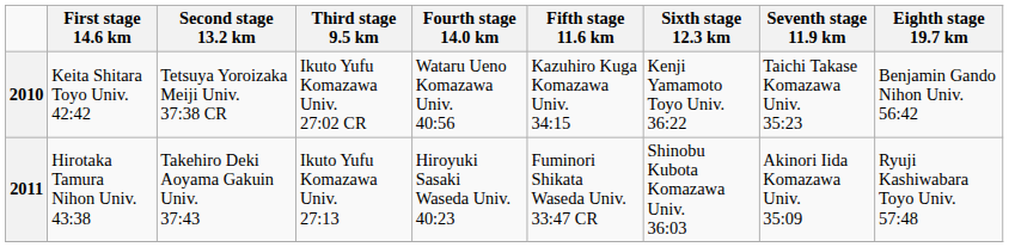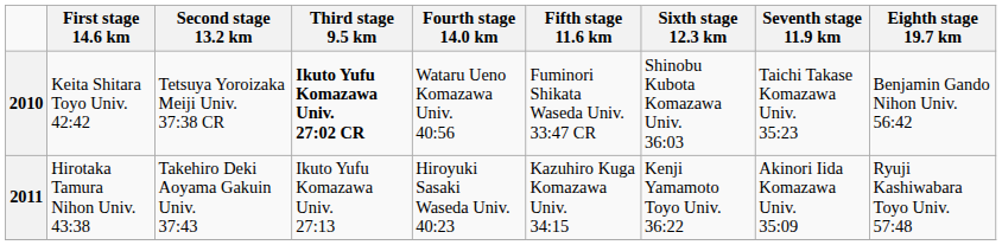 <table class="wikitable" style="text-align:left; width:105%; align:top;">
 <tr>
 <td></td>
 <th scope="col">First stage<br>14.6 km</th>
 <th scope="col">Second stage<br>13.2 km</th>
 <th scope="col">Third stage<br>9.5 km</th>
 <th scope="col">Fourth stage<br>14.0 km</th>
 <th scope="col">Fifth stage<br>11.6 km</th>
 <th scope="col">Sixth stage<br>12.3 km</th>
 <th scope="col">Seventh stage<br>11.9 km</th>
 <th scope="col">Eighth stage<br>19.7 km</th>
 </tr>
 <tr>
 <th scope="row">2010</th>
 <td>Keita Shitara<br>Toyo Univ.<br>42:42</td>
 <td>Tetsuya Yoroizaka<br>Meiji Univ.<br>37:38 CR</td>
-<td>Ikuto Yufu<br>Komazawa Univ.<br>27:02 CR</td>
+<td><strong>Ikuto Yufu<br>Komazawa Univ.<br>27:02 CR</strong></td>
 <td>Wataru Ueno<br>Komazawa Univ.<br>40:56</td>
-<td>Kazuhiro Kuga<br>Komazawa Univ.<br>34:15</td>
-<td>Kenji Yamamoto<br>Toyo Univ.<br>36:22</td>
+<td>Fuminori Shikata<br>Waseda Univ.<br>33:47 CR</td>
+<td>Shinobu Kubota<br>Komazawa Univ.<br>36:03</td>
 <td>Taichi Takase<br>Komazawa Univ.<br>35:23</td>
 <td>Benjamin Gando<br>Nihon Univ.<br>56:42</td>
 </tr>
 <tr>
 <th scope="row">2011</th>
 <td>Hirotaka Tamura<br>Nihon Univ.<br>43:38</td>
 <td>Takehiro Deki<br>Aoyama Gakuin Univ.<br>37:43</td>
 <td>Ikuto Yufu<br>Komazawa Univ.<br>27:13</td>
 <td>Hiroyuki Sasaki<br>Waseda Univ.<br>40:23</td>
-<td>Fuminori Shikata<br>Waseda Univ.<br>33:47 CR</td>
-<td>Shinobu Kubota<br>Komazawa Univ.<br>36:03</td>
+<td>Kazuhiro Kuga<br>Komazawa Univ.<br>34:15</td>
+<td>Kenji Yamamoto<br>Toyo Univ.<br>36:22</td>
 <td>Akinori Iida<br>Komazawa Univ.<br>35:09</td>
 <td>Ryuji Kashiwabara<br>Toyo Univ.<br>57:48</td>
 </tr>
 <tr>
 </tr>
 </table>
